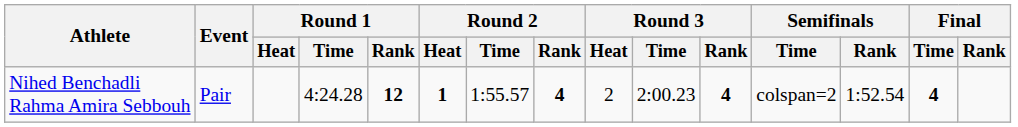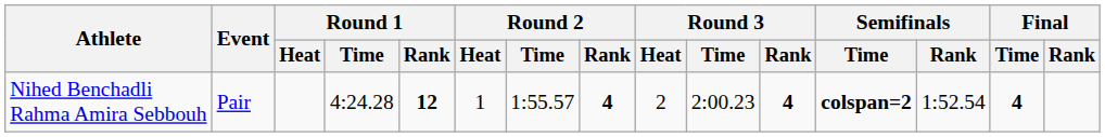 <table class="wikitable" style="font-size:90%">
 <tr>
 <th rowspan="2">Athlete</th>
 <th rowspan="2">Event</th>
 <th colspan="3">Round 1</th>
 <th colspan="3">Round 2</th>
 <th colspan="3">Round 3</th>
 <th colspan="2">Semifinals</th>
 <th colspan="2">Final</th>
 </tr>
 <tr style="font-size:95%">
 <th>Heat</th>
 <th>Time</th>
 <th>Rank</th>
 <th>Heat</th>
 <th>Time</th>
 <th>Rank</th>
 <th>Heat</th>
 <th>Time</th>
 <th>Rank</th>
 <th>Time</th>
 <th>Rank</th>
 <th>Time</th>
 <th>Rank</th>
 </tr>
 <tr align=center>
 <td align=left><a href='#'>Nihed Benchadli</a><br><a href='#'>Rahma Amira Sebbouh</a></td>
 <td align=left><a href='#'>Pair</a></td>
 <td></td>
 <td>4:24.28</td>
 <td><strong>12</strong></td>
-<td><strong>1</strong></td>
+<td>1</td>
 <td>1:55.57</td>
 <td><strong>4</strong></td>
 <td>2</td>
 <td>2:00.23</td>
 <td><strong>4</strong></td>
-<td>colspan=2 </td>
+<td><strong>colspan=2 </strong></td>
 <td>1:52.54</td>
 <td><strong>4</strong></td>
 </tr>
 </table>
